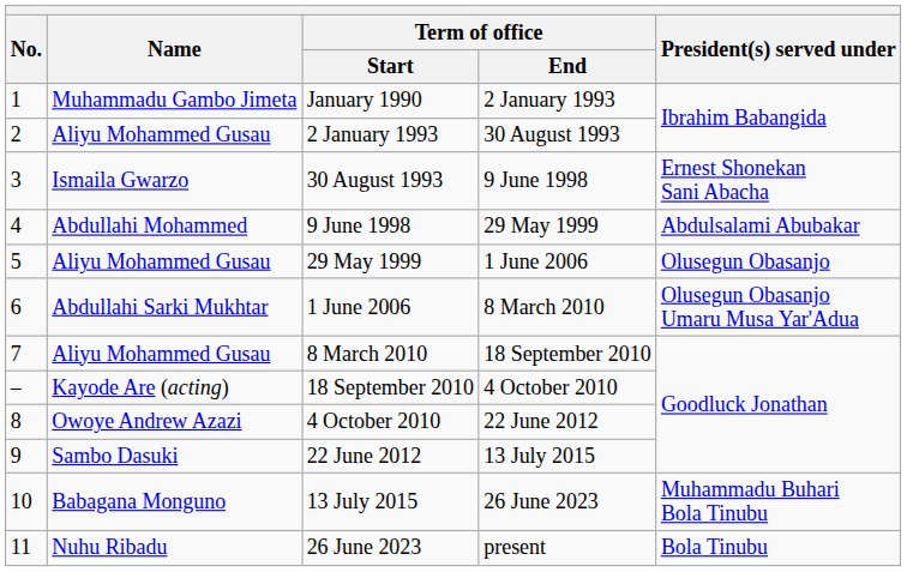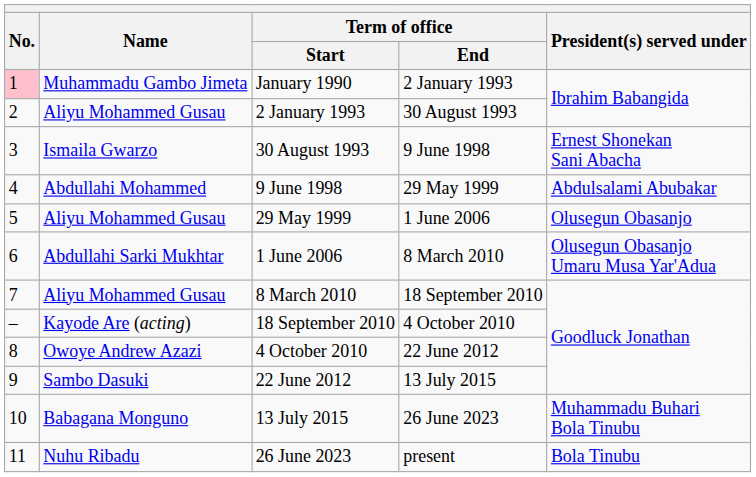 <table class="wikitable">
 <tr>
 <th colspan="5"></th>
 </tr>
 <tr>
 <th rowspan="2">No.</th>
 <th rowspan="2">Name</th>
 <th colspan="2">Term of office</th>
 <th rowspan="2">President(s) served under</th>
 </tr>
 <tr>
 <th>Start</th>
 <th>End</th>
 </tr>
 <tr>
-<td>1</td>
+<td style="background: pink;">1</td>
 <td><a href='#'>Muhammadu Gambo Jimeta</a></td>
 <td>January 1990</td>
 <td>2 January 1993</td>
 <td rowspan="2"><a href='#'>Ibrahim Babangida</a></td>
 </tr>
 <tr>
 <td>2</td>
 <td><a href='#'>Aliyu Mohammed Gusau</a></td>
 <td>2 January 1993</td>
 <td>30 August 1993</td>
 </tr>
 <tr>
 <td>3</td>
 <td><a href='#'>Ismaila Gwarzo</a></td>
 <td>30 August 1993</td>
 <td>9 June 1998</td>
 <td><a href='#'>Ernest Shonekan</a><br><a href='#'>Sani Abacha</a></td>
 </tr>
 <tr>
 <td>4</td>
 <td><a href='#'>Abdullahi Mohammed</a></td>
 <td>9 June 1998</td>
 <td>29 May 1999</td>
 <td><a href='#'>Abdulsalami Abubakar</a></td>
 </tr>
 <tr>
 <td>5</td>
 <td><a href='#'>Aliyu Mohammed Gusau</a></td>
 <td>29 May 1999</td>
 <td>1 June 2006</td>
 <td><a href='#'>Olusegun Obasanjo</a></td>
 </tr>
 <tr>
 <td>6</td>
 <td><a href='#'>Abdullahi Sarki Mukhtar</a></td>
 <td>1 June 2006</td>
 <td>8 March 2010</td>
 <td><a href='#'>Olusegun Obasanjo</a><br><a href='#'>Umaru Musa Yar'Adua</a></td>
 </tr>
 <tr>
 <td>7</td>
 <td><a href='#'>Aliyu Mohammed Gusau</a></td>
 <td>8 March 2010</td>
 <td>18 September 2010</td>
 <td rowspan="4"><a href='#'>Goodluck Jonathan</a></td>
 </tr>
 <tr>
 <td>–</td>
 <td><a href='#'>Kayode Are</a> (<em>acting</em>)</td>
 <td>18 September 2010</td>
 <td>4 October 2010</td>
 </tr>
 <tr>
 <td>8</td>
 <td><a href='#'>Owoye Andrew Azazi</a></td>
 <td>4 October 2010</td>
 <td>22 June 2012</td>
 </tr>
 <tr>
 <td>9</td>
 <td><a href='#'>Sambo Dasuki</a></td>
 <td>22 June 2012</td>
 <td>13 July 2015</td>
 </tr>
 <tr>
 <td>10</td>
 <td><a href='#'>Babagana Monguno</a></td>
 <td>13 July 2015</td>
 <td>26 June 2023</td>
 <td><a href='#'>Muhammadu Buhari</a><br><a href='#'>Bola Tinubu</a></td>
 </tr>
 <tr>
 <td>11</td>
 <td><a href='#'>Nuhu Ribadu</a></td>
 <td>26 June 2023</td>
 <td>present</td>
 <td><a href='#'>Bola Tinubu</a></td>
 </tr>
 </table>
